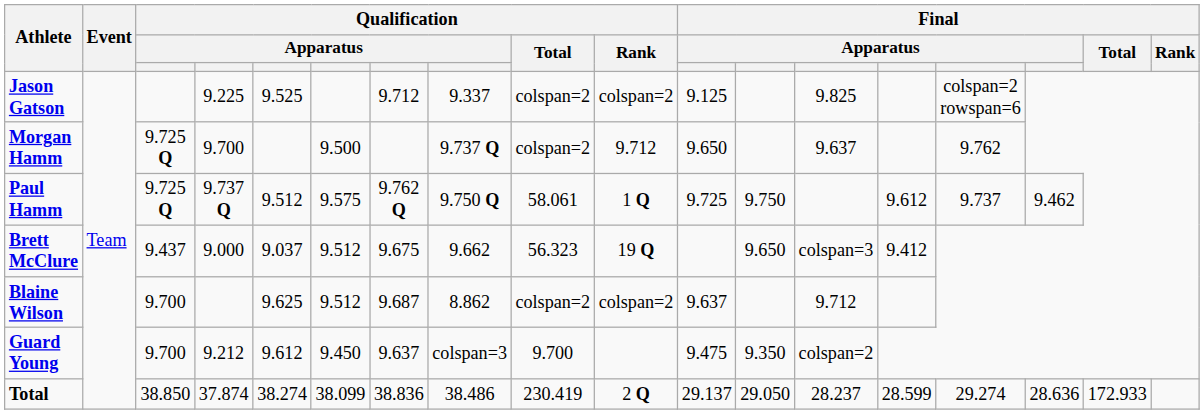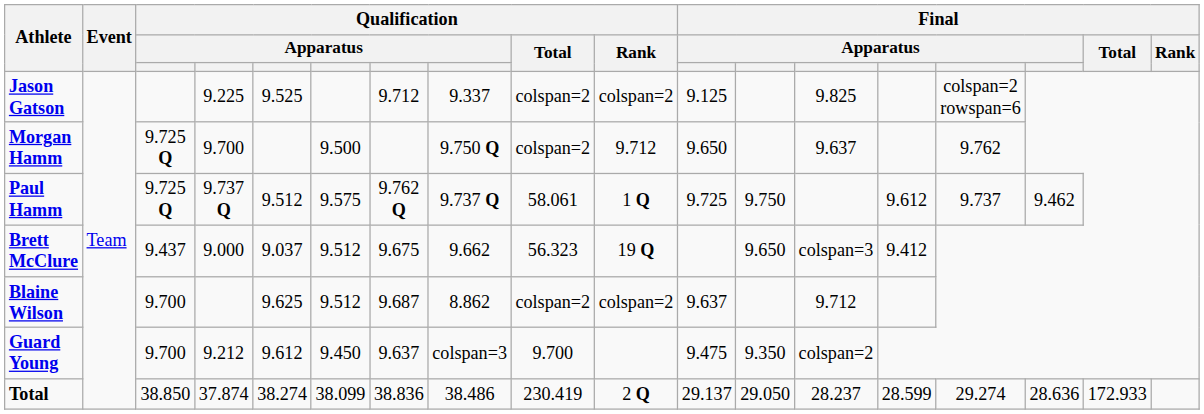 <table class=wikitable style=font-size:90%;text-align:center>
 <tr>
 <th rowspan=3>Athlete</th>
 <th rowspan=3>Event</th>
 <th colspan =8>Qualification</th>
 <th colspan =8>Final</th>
 </tr>
 <tr style=font-size:95%>
 <th colspan=6>Apparatus</th>
 <th rowspan=2>Total</th>
 <th rowspan=2>Rank</th>
 <th colspan=6>Apparatus</th>
 <th rowspan=2>Total</th>
 <th rowspan=2>Rank</th>
 </tr>
 <tr style=font-size:95%>
 <th></th>
 <th></th>
 <th></th>
 <th></th>
 <th></th>
 <th></th>
 <th></th>
 <th></th>
 <th></th>
 <th></th>
 <th></th>
 <th></th>
 </tr>
 <tr>
 <td align=left><strong><a href='#'>Jason Gatson</a></strong></td>
 <td align=left rowspan=7><a href='#'>Team</a></td>
 <td></td>
 <td>9.225</td>
 <td>9.525</td>
 <td></td>
 <td>9.712</td>
 <td>9.337</td>
 <td>colspan=2 </td>
 <td>colspan=2 </td>
 <td>9.125</td>
 <td></td>
 <td>9.825</td>
 <td></td>
 <td>colspan=2 rowspan=6 </td>
 </tr>
 <tr>
 <td align=left><strong><a href='#'>Morgan Hamm</a></strong></td>
 <td>9.725 <strong>Q</strong></td>
 <td>9.700</td>
 <td></td>
 <td>9.500</td>
 <td></td>
-<td>9.737 <strong>Q</strong></td>
+<td>9.750 <strong>Q</strong></td>
 <td>colspan=2 </td>
 <td>9.712</td>
 <td>9.650</td>
 <td></td>
 <td>9.637</td>
 <td></td>
 <td>9.762</td>
 </tr>
 <tr>
 <td align=left><strong><a href='#'>Paul Hamm</a></strong></td>
 <td>9.725 <strong>Q</strong></td>
 <td>9.737 <strong>Q</strong></td>
 <td>9.512</td>
 <td>9.575</td>
 <td>9.762 <strong>Q</strong></td>
-<td>9.750 <strong>Q</strong></td>
+<td>9.737 <strong>Q</strong></td>
 <td>58.061</td>
 <td>1 <strong>Q</strong></td>
 <td>9.725</td>
 <td>9.750</td>
 <td></td>
 <td>9.612</td>
 <td>9.737</td>
 <td>9.462</td>
 </tr>
 <tr>
 <td align=left><strong><a href='#'>Brett McClure</a></strong></td>
 <td>9.437</td>
 <td>9.000</td>
 <td>9.037</td>
 <td>9.512</td>
 <td>9.675</td>
 <td>9.662</td>
 <td>56.323</td>
 <td>19 <strong>Q</strong></td>
 <td></td>
 <td>9.650</td>
 <td>colspan=3 </td>
 <td>9.412</td>
 </tr>
 <tr>
 <td align=left><strong><a href='#'>Blaine Wilson</a></strong></td>
 <td>9.700</td>
 <td></td>
 <td>9.625</td>
 <td>9.512</td>
 <td>9.687</td>
 <td>8.862</td>
 <td>colspan=2 </td>
 <td>colspan=2 </td>
 <td>9.637</td>
 <td></td>
 <td>9.712</td>
 <td></td>
 </tr>
 <tr>
 <td align=left><strong><a href='#'>Guard Young</a></strong></td>
 <td>9.700</td>
 <td>9.212</td>
 <td>9.612</td>
 <td>9.450</td>
 <td>9.637</td>
 <td>colspan=3 </td>
 <td>9.700</td>
 <td></td>
 <td>9.475</td>
 <td>9.350</td>
 <td>colspan=2 </td>
 </tr>
 <tr>
 <td align=left><strong>Total</strong></td>
 <td>38.850</td>
 <td>37.874</td>
 <td>38.274</td>
 <td>38.099</td>
 <td>38.836</td>
 <td>38.486</td>
 <td>230.419</td>
 <td>2 <strong>Q</strong></td>
 <td>29.137</td>
 <td>29.050</td>
 <td>28.237</td>
 <td>28.599</td>
 <td>29.274</td>
 <td>28.636</td>
 <td>172.933</td>
 <td></td>
 </tr>
 </table>
